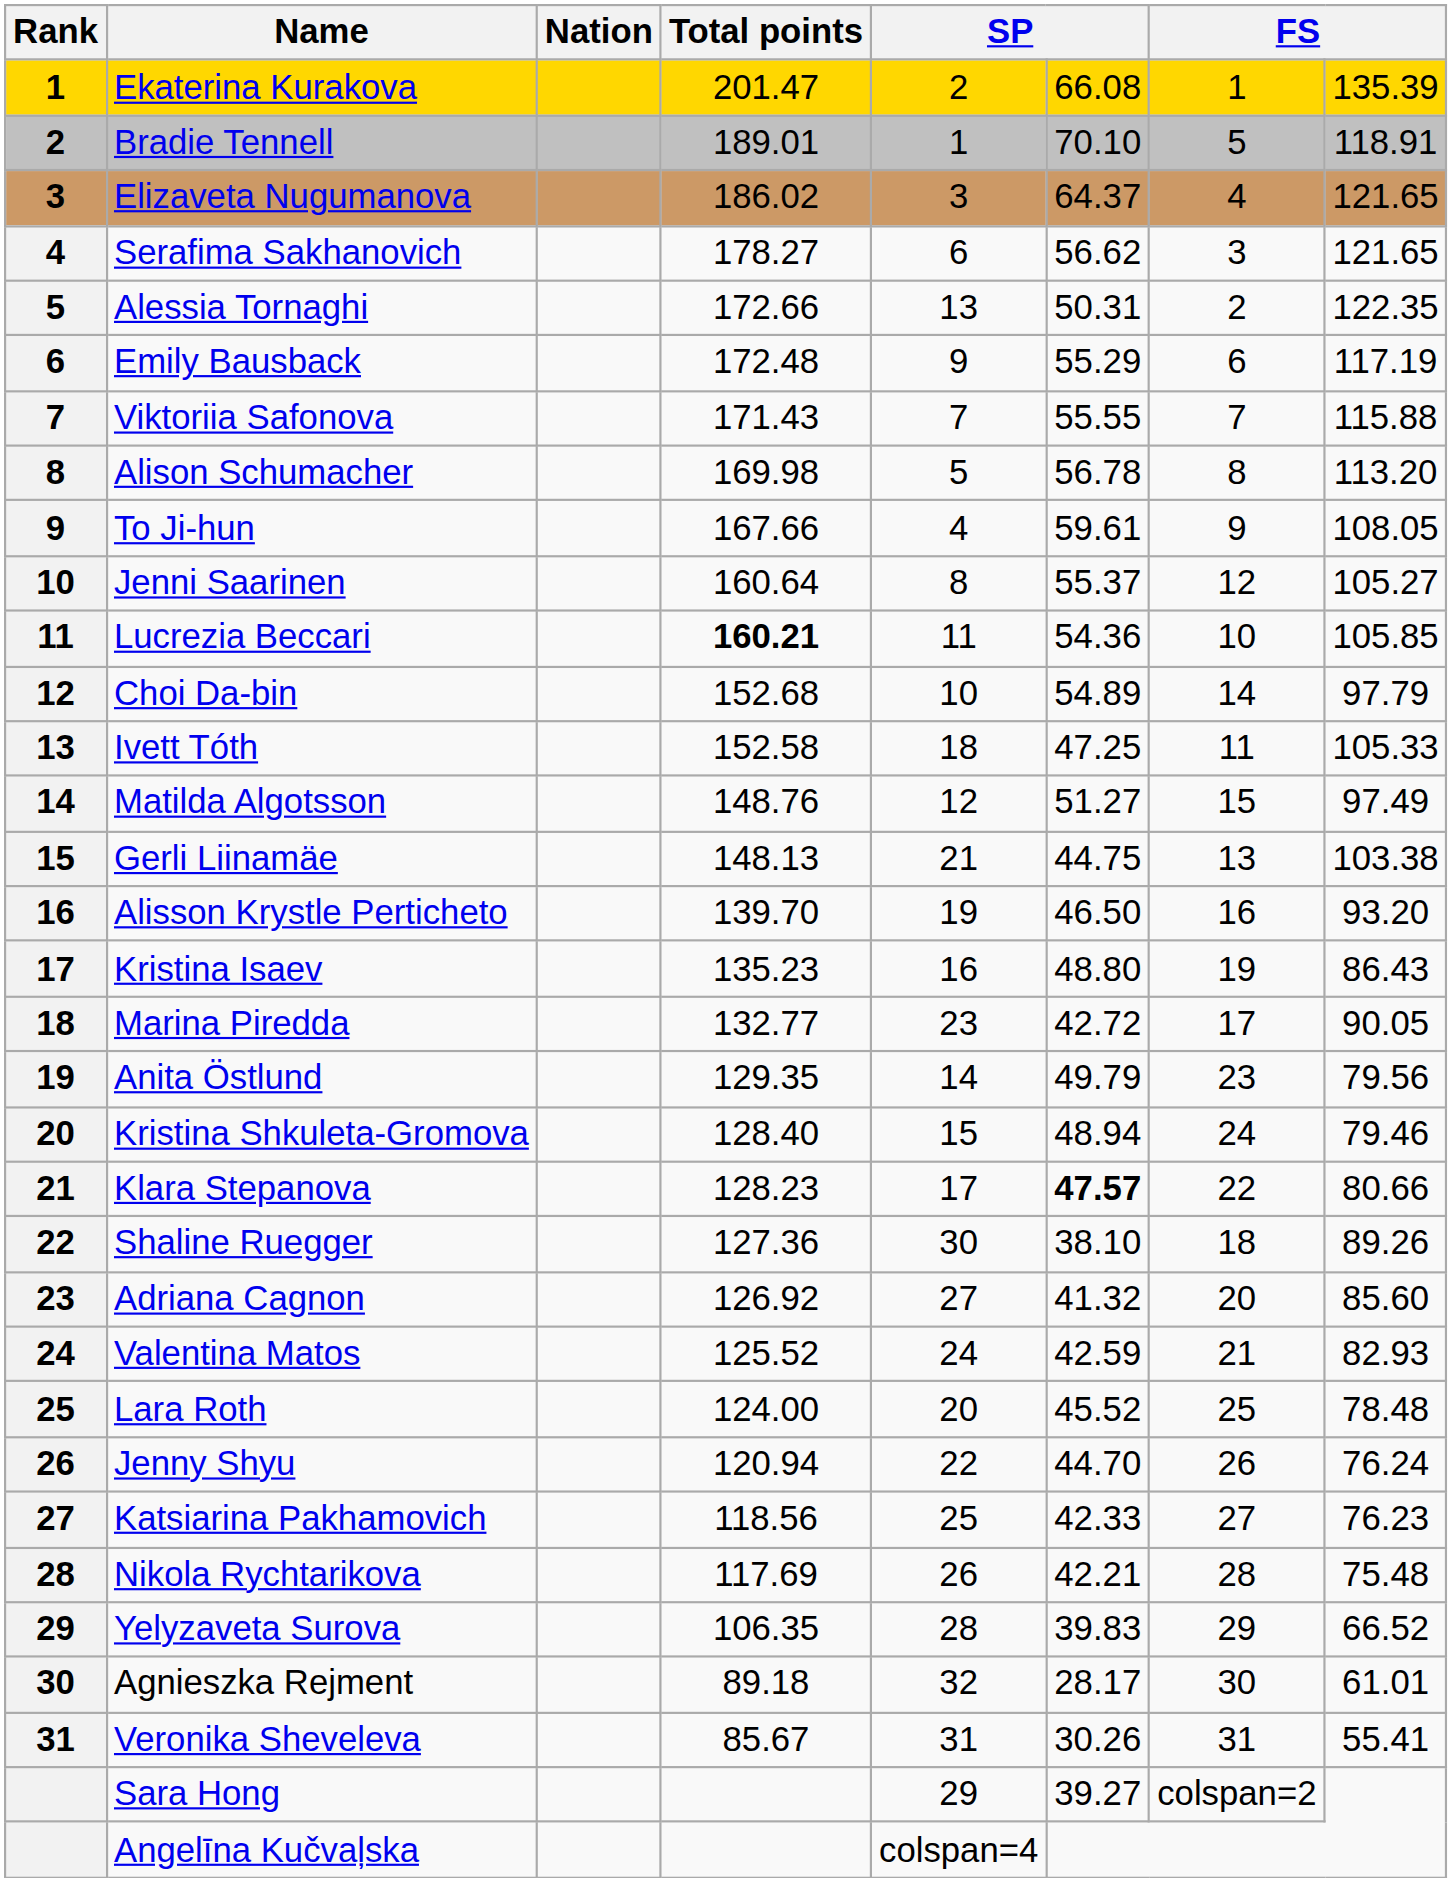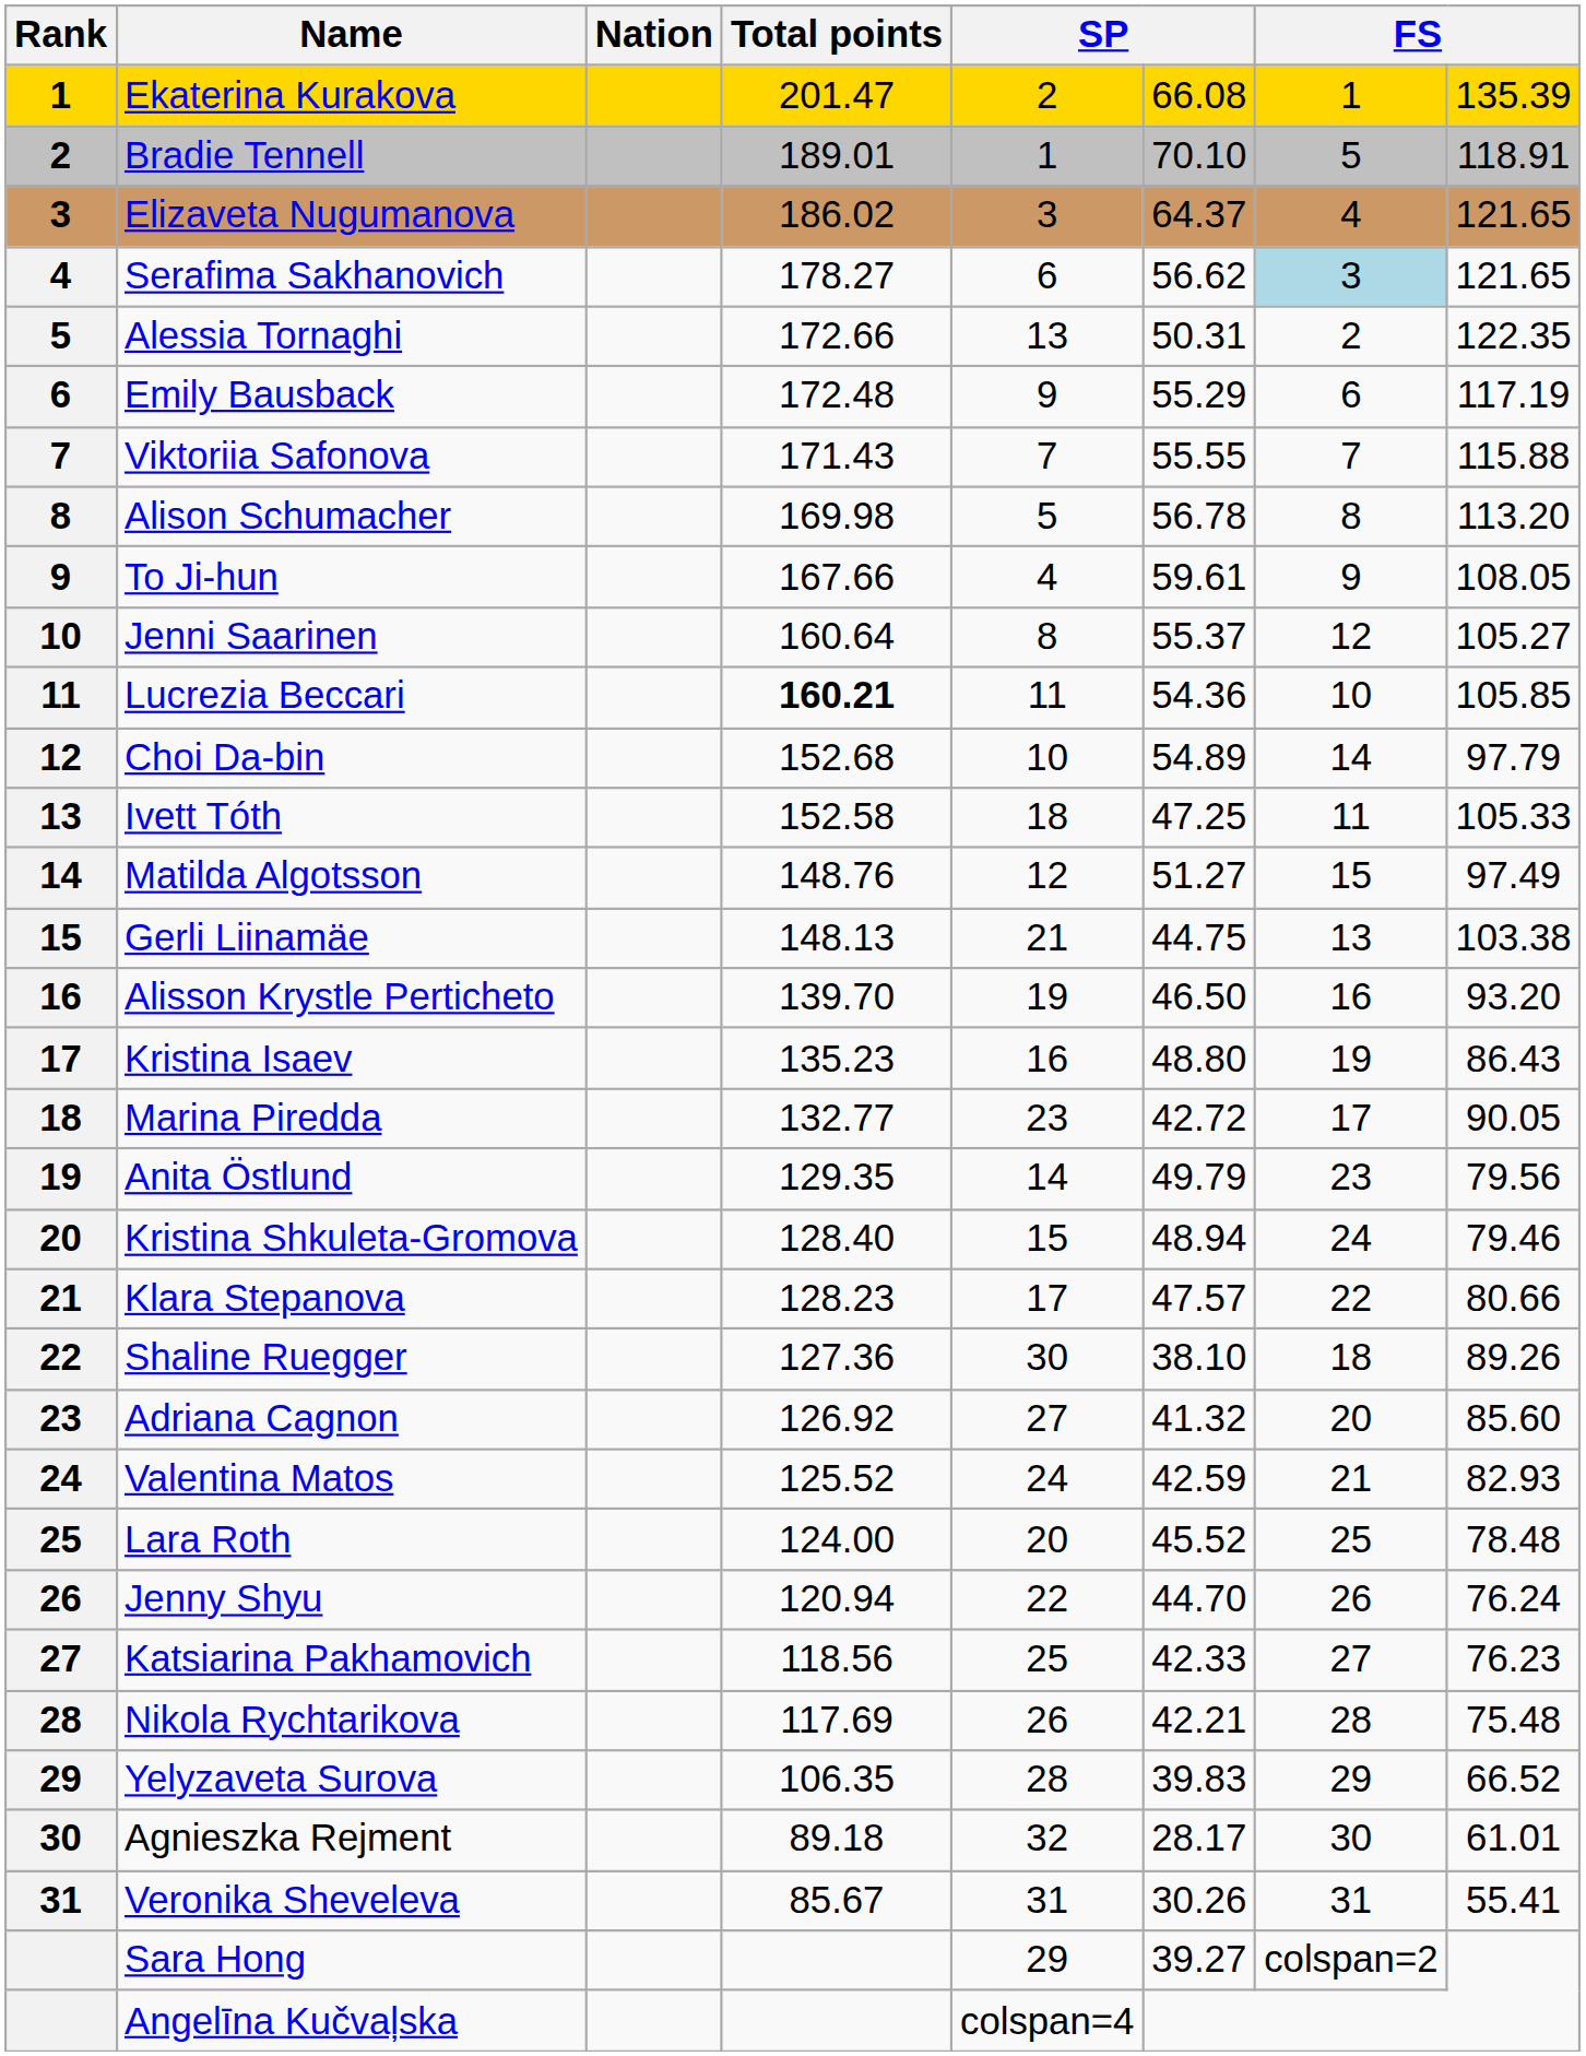 <table class="wikitable sortable">
 <tr>
 <th>Rank</th>
 <th>Name</th>
 <th>Nation</th>
 <th>Total points</th>
 <th colspan="2" width="80px"><a href='#'>SP</a></th>
 <th colspan="2" width="80px"><a href='#'>FS</a></th>
 </tr>
 <tr bgcolor="gold">
 <td align="center"><strong>1</strong></td>
 <td><a href='#'>Ekaterina Kurakova</a></td>
 <td></td>
 <td align="center">201.47</td>
 <td align="center">2</td>
 <td align="center">66.08</td>
 <td align="center">1</td>
 <td align="center">135.39</td>
 </tr>
 <tr bgcolor="silver">
 <td align="center"><strong>2</strong></td>
 <td><a href='#'>Bradie Tennell</a></td>
 <td></td>
 <td align="center">189.01</td>
 <td align="center">1</td>
 <td align="center">70.10</td>
 <td align="center">5</td>
 <td align="center">118.91</td>
 </tr>
 <tr bgcolor="cc9966">
 <td align="center"><strong>3</strong></td>
 <td><a href='#'>Elizaveta Nugumanova</a></td>
 <td></td>
 <td align="center">186.02</td>
 <td align="center">3</td>
 <td align="center">64.37</td>
 <td align="center">4</td>
 <td align="center">121.65</td>
 </tr>
 <tr>
 <th>4</th>
 <td><a href='#'>Serafima Sakhanovich</a></td>
 <td></td>
 <td align="center">178.27</td>
 <td align="center">6</td>
 <td align="center">56.62</td>
-<td align="center">3</td>
+<td align="center" style="background: lightblue;">3</td>
 <td align="center">121.65</td>
 </tr>
 <tr>
 <th>5</th>
 <td><a href='#'>Alessia Tornaghi</a></td>
 <td></td>
 <td align="center">172.66</td>
 <td align="center">13</td>
 <td align="center">50.31</td>
 <td align="center">2</td>
 <td align="center">122.35</td>
 </tr>
 <tr>
 <th>6</th>
 <td><a href='#'>Emily Bausback</a></td>
 <td></td>
 <td align="center">172.48</td>
 <td align="center">9</td>
 <td align="center">55.29</td>
 <td align="center">6</td>
 <td align="center">117.19</td>
 </tr>
 <tr>
 <th>7</th>
 <td><a href='#'>Viktoriia Safonova</a></td>
 <td></td>
 <td align="center">171.43</td>
 <td align="center">7</td>
 <td align="center">55.55</td>
 <td align="center">7</td>
 <td align="center">115.88</td>
 </tr>
 <tr>
 <th>8</th>
 <td><a href='#'>Alison Schumacher</a></td>
 <td></td>
 <td align="center">169.98</td>
 <td align="center">5</td>
 <td align="center">56.78</td>
 <td align="center">8</td>
 <td align="center">113.20</td>
 </tr>
 <tr>
 <th>9</th>
 <td><a href='#'>To Ji-hun</a></td>
 <td></td>
 <td align="center">167.66</td>
 <td align="center">4</td>
 <td align="center">59.61</td>
 <td align="center">9</td>
 <td align="center">108.05</td>
 </tr>
 <tr>
 <th>10</th>
 <td><a href='#'>Jenni Saarinen</a></td>
 <td></td>
 <td align="center">160.64</td>
 <td align="center">8</td>
 <td align="center">55.37</td>
 <td align="center">12</td>
 <td align="center">105.27</td>
 </tr>
 <tr>
 <th>11</th>
 <td><a href='#'>Lucrezia Beccari</a></td>
 <td></td>
 <td align="center"><strong>160.21</strong></td>
 <td align="center">11</td>
 <td align="center">54.36</td>
 <td align="center">10</td>
 <td align="center">105.85</td>
 </tr>
 <tr>
 <th>12</th>
 <td><a href='#'>Choi Da-bin</a></td>
 <td></td>
 <td align="center">152.68</td>
 <td align="center">10</td>
 <td align="center">54.89</td>
 <td align="center">14</td>
 <td align="center">97.79</td>
 </tr>
 <tr>
 <th>13</th>
 <td><a href='#'>Ivett Tóth</a></td>
 <td></td>
 <td align="center">152.58</td>
 <td align="center">18</td>
 <td align="center">47.25</td>
 <td align="center">11</td>
 <td align="center">105.33</td>
 </tr>
 <tr>
 <th>14</th>
 <td><a href='#'>Matilda Algotsson</a></td>
 <td></td>
 <td align="center">148.76</td>
 <td align="center">12</td>
 <td align="center">51.27</td>
 <td align="center">15</td>
 <td align="center">97.49</td>
 </tr>
 <tr>
 <th>15</th>
 <td><a href='#'>Gerli Liinamäe</a></td>
 <td></td>
 <td align="center">148.13</td>
 <td align="center">21</td>
 <td align="center">44.75</td>
 <td align="center">13</td>
 <td align="center">103.38</td>
 </tr>
 <tr>
 <th>16</th>
 <td><a href='#'>Alisson Krystle Perticheto</a></td>
 <td></td>
 <td align="center">139.70</td>
 <td align="center">19</td>
 <td align="center">46.50</td>
 <td align="center">16</td>
 <td align="center">93.20</td>
 </tr>
 <tr>
 <th>17</th>
 <td><a href='#'>Kristina Isaev</a></td>
 <td></td>
 <td align="center">135.23</td>
 <td align="center">16</td>
 <td align="center">48.80</td>
 <td align="center">19</td>
 <td align="center">86.43</td>
 </tr>
 <tr>
 <th>18</th>
 <td><a href='#'>Marina Piredda</a></td>
 <td></td>
 <td align="center">132.77</td>
 <td align="center">23</td>
 <td align="center">42.72</td>
 <td align="center">17</td>
 <td align="center">90.05</td>
 </tr>
 <tr>
 <th>19</th>
 <td><a href='#'>Anita Östlund</a></td>
 <td></td>
 <td align="center">129.35</td>
 <td align="center">14</td>
 <td align="center">49.79</td>
 <td align="center">23</td>
 <td align="center">79.56</td>
 </tr>
 <tr>
 <th>20</th>
 <td><a href='#'>Kristina Shkuleta-Gromova</a></td>
 <td></td>
 <td align="center">128.40</td>
 <td align="center">15</td>
 <td align="center">48.94</td>
 <td align="center">24</td>
 <td align="center">79.46</td>
 </tr>
 <tr>
 <th>21</th>
 <td><a href='#'>Klara Stepanova</a></td>
 <td></td>
 <td align="center">128.23</td>
 <td align="center">17</td>
-<td align="center"><strong>47.57</strong></td>
+<td align="center">47.57</td>
 <td align="center">22</td>
 <td align="center">80.66</td>
 </tr>
 <tr>
 <th>22</th>
 <td><a href='#'>Shaline Ruegger</a></td>
 <td></td>
 <td align="center">127.36</td>
 <td align="center">30</td>
 <td align="center">38.10</td>
 <td align="center">18</td>
 <td align="center">89.26</td>
 </tr>
 <tr>
 <th>23</th>
 <td><a href='#'>Adriana Cagnon</a></td>
 <td></td>
 <td align="center">126.92</td>
 <td align="center">27</td>
 <td align="center">41.32</td>
 <td align="center">20</td>
 <td align="center">85.60</td>
 </tr>
 <tr>
 <th>24</th>
 <td><a href='#'>Valentina Matos</a></td>
 <td></td>
 <td align="center">125.52</td>
 <td align="center">24</td>
 <td align="center">42.59</td>
 <td align="center">21</td>
 <td align="center">82.93</td>
 </tr>
 <tr>
 <th>25</th>
 <td><a href='#'>Lara Roth</a></td>
 <td></td>
 <td align="center">124.00</td>
 <td align="center">20</td>
 <td align="center">45.52</td>
 <td align="center">25</td>
 <td align="center">78.48</td>
 </tr>
 <tr>
 <th>26</th>
 <td><a href='#'>Jenny Shyu</a></td>
 <td></td>
 <td align="center">120.94</td>
 <td align="center">22</td>
 <td align="center">44.70</td>
 <td align="center">26</td>
 <td align="center">76.24</td>
 </tr>
 <tr>
 <th>27</th>
 <td><a href='#'>Katsiarina Pakhamovich</a></td>
 <td></td>
 <td align="center">118.56</td>
 <td align="center">25</td>
 <td align="center">42.33</td>
 <td align="center">27</td>
 <td align="center">76.23</td>
 </tr>
 <tr>
 <th>28</th>
 <td><a href='#'>Nikola Rychtarikova</a></td>
 <td></td>
 <td align="center">117.69</td>
 <td align="center">26</td>
 <td align="center">42.21</td>
 <td align="center">28</td>
 <td align="center">75.48</td>
 </tr>
 <tr>
 <th>29</th>
 <td><a href='#'>Yelyzaveta Surova</a></td>
 <td></td>
 <td align="center">106.35</td>
 <td align="center">28</td>
 <td align="center">39.83</td>
 <td align="center">29</td>
 <td align="center">66.52</td>
 </tr>
 <tr>
 <th>30</th>
 <td>Agnieszka Rejment</td>
 <td></td>
 <td align="center">89.18</td>
 <td align="center">32</td>
 <td align="center">28.17</td>
 <td align="center">30</td>
 <td align="center">61.01</td>
 </tr>
 <tr>
 <th>31</th>
 <td><a href='#'>Veronika Sheveleva</a></td>
 <td></td>
 <td align="center">85.67</td>
 <td align="center">31</td>
 <td align="center">30.26</td>
 <td align="center">31</td>
 <td align="center">55.41</td>
 </tr>
 <tr>
 <th></th>
 <td><a href='#'>Sara Hong</a></td>
 <td></td>
 <td></td>
 <td align="center">29</td>
 <td align="center">39.27</td>
 <td>colspan=2 </td>
 </tr>
 <tr>
 <th></th>
 <td><a href='#'>Angelīna Kučvaļska</a></td>
 <td></td>
 <td></td>
 <td>colspan=4 </td>
 </tr>
 </table>
